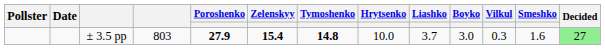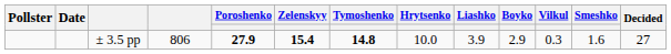 <table class="wikitable" style="text-align:center;font-size:95%;line-height:14px;">
 <tr>
 <th rowspan=2>Pollster</th>
 <th rowspan=2>Date</th>
 <th style="width:60px;" class=unsortable rowspan=2></th>
 <th style="width:65px;" class=unsortable rowspan=2></th>
 <th> <small><a href='#'>Poroshenko</a></small><br></th>
 <th><small><a href='#'>Zelenskyy</a></small><br></th>
 <th><small><a href='#'>Tymoshenko</a></small><br></th>
 <th><small><a href='#'>Hrytsenko</a></small><br></th>
 <th><small><a href='#'>Liashko</a></small><br></th>
 <th> <small><a href='#'>Boyko</a></small><br></th>
 <th><small><a href='#'>Vilkul</a></small><br></th>
 <th><small><a href='#'>Smeshko</a></small><br></th>
 <th rowspan=2><small>Decided</small></th>
 </tr>
 <tr>
 <th style="background:"></th>
 <th style="background:"></th>
 <th style="background:"></th>
 <th style="background:"></th>
 <th style="background:"></th>
 <th style="background:"></th>
 <th style="background:"></th>
 <th style="background:"></th>
 </tr>
 <tr>
 <td> </td>
 <td></td>
 <td>± 3.5 pp</td>
-<td>803</td>
+<td>806</td>
 <td style="background-color:#"><strong>27.9</strong></td>
 <td style="background-color:#"><strong>15.4</strong></td>
 <td><strong>14.8</strong></td>
 <td>10.0</td>
-<td>3.7</td>
-<td>3.0</td>
+<td>3.9</td>
+<td>2.9</td>
 <td>0.3</td>
 <td>1.6</td>
-<td style="background: lightgreen;">27</td>
+<td>27</td>
 </tr>
 </table>
